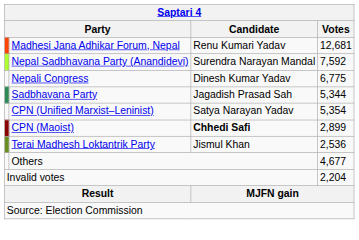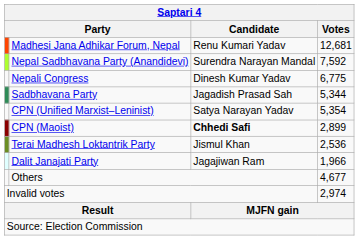 <table class="wikitable">
 <tr>
 <th colspan="4"><a href='#'>Saptari 4</a></th>
 </tr>
 <tr>
 <th colspan="2">Party</th>
 <th>Candidate</th>
 <th>Votes</th>
 </tr>
 <tr>
 <td style="background-color:orangered"></td>
 <td><a href='#'>Madhesi Jana Adhikar Forum, Nepal</a></td>
 <td>Renu Kumari Yadav</td>
 <td>12,681</td>
 </tr>
 <tr>
 <td style="background-color:greenyellow"></td>
 <td><a href='#'>Nepal Sadbhavana Party (Anandidevi)</a></td>
 <td>Surendra Narayan Mandal</td>
 <td>7,592</td>
 </tr>
 <tr>
 <td style="background-color:"></td>
 <td><a href='#'>Nepali Congress</a></td>
 <td>Dinesh Kumar Yadav</td>
 <td>6,775</td>
 </tr>
 <tr>
 <td style="background-color:seagreen"></td>
 <td><a href='#'>Sadbhavana Party</a></td>
 <td>Jagadish Prasad Sah</td>
 <td>5,344</td>
 </tr>
 <tr>
 <td style="background-color:"></td>
 <td><a href='#'>CPN (Unified Marxist–Leninist)</a></td>
 <td>Satya Narayan Yadav</td>
 <td>5,354</td>
 </tr>
 <tr>
 <td style="background-color:darkred"></td>
 <td><a href='#'>CPN (Maoist)</a></td>
 <td><strong>Chhedi Safi</strong></td>
 <td>2,899</td>
 </tr>
 <tr>
 <td style="background-color:olivedrab"></td>
 <td><a href='#'>Terai Madhesh Loktantrik Party</a></td>
 <td>Jismul Khan</td>
 <td>2,536</td>
 </tr>
 <tr>
+<td style="background-color:#e0ffff"></td>
+<td><a href='#'>Dalit Janajati Party</a></td>
+<td>Jagajiwan Ram</td>
+<td>1,966</td>
+</tr>
+<tr>
 <td></td>
 <td colspan="2">Others</td>
 <td>4,677</td>
 </tr>
 <tr>
 <td colspan="3">Invalid votes</td>
-<td>2,204</td>
+<td>2,974</td>
 </tr>
 <tr>
 <th colspan="2">Result</th>
 <th colspan="2">MJFN gain</th>
 </tr>
 <tr>
 <td colspan="4">Source: Election Commission</td>
 </tr>
 </table>
